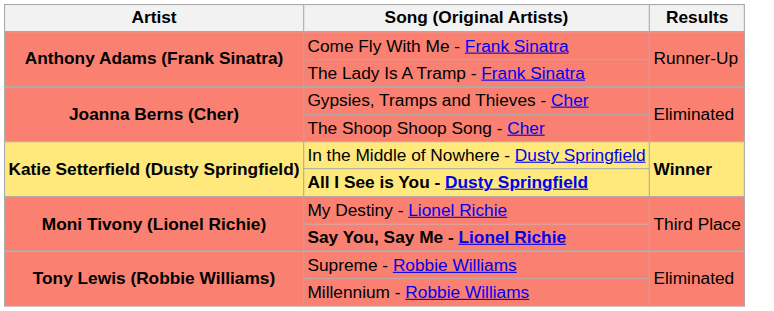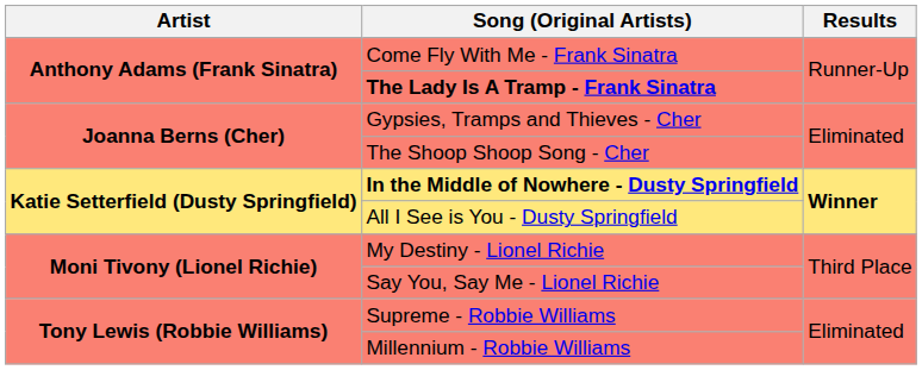 <table class="wikitable">
 <tr>
 <th>Artist</th>
 <th>Song (Original Artists)</th>
 <th>Results</th>
 </tr>
 <tr>
 <th style="background:#FA8072" rowspan=2>Anthony Adams<span> (Frank Sinatra)</span></th>
 <td bgcolor="#FA8072">Come Fly With Me - <a href='#'>Frank Sinatra</a></td>
 <td bgcolor="#FA8072" rowspan=2>Runner-Up</td>
 </tr>
 <tr>
-<td bgcolor="#FA8072">The Lady Is A Tramp - <a href='#'>Frank Sinatra</a></td>
+<td bgcolor="#FA8072"><strong>The Lady Is A Tramp - <a href='#'>Frank Sinatra</a></strong></td>
 </tr>
 <tr>
 <th style="background:#FA8072" rowspan=2>Joanna Berns<span> (Cher)</span></th>
 <td bgcolor="#FA8072">Gypsies, Tramps and Thieves - <a href='#'>Cher</a></td>
 <td bgcolor="#FA8072" rowspan=2>Eliminated</td>
 </tr>
 <tr>
 <td bgcolor="#FA8072">The Shoop Shoop Song - <a href='#'>Cher</a></td>
 </tr>
 <tr>
 <th style="background:#FFE87C" rowspan=2>Katie Setterfield<span> (Dusty Springfield)</span></th>
-<td bgcolor="#FFE87C">In the Middle of Nowhere - <a href='#'>Dusty Springfield</a></td>
+<td bgcolor="#FFE87C"><strong>In the Middle of Nowhere - <a href='#'>Dusty Springfield</a></strong></td>
 <td bgcolor="#FFE87C" rowspan=2><strong>Winner</strong></td>
 </tr>
 <tr>
-<td bgcolor="#FFE87C"><strong>All I See is You - <a href='#'>Dusty Springfield</a></strong></td>
+<td bgcolor="#FFE87C">All I See is You - <a href='#'>Dusty Springfield</a></td>
 </tr>
 <tr>
 <th style="background:#FA8072" rowspan=2>Moni Tivony<span> (Lionel Richie)</span></th>
 <td bgcolor="#FA8072">My Destiny - <a href='#'>Lionel Richie</a></td>
 <td bgcolor="#FA8072" rowspan=2>Third Place</td>
 </tr>
 <tr>
-<td bgcolor="#FA8072"><strong>Say You, Say Me - <a href='#'>Lionel Richie</a></strong></td>
+<td bgcolor="#FA8072">Say You, Say Me - <a href='#'>Lionel Richie</a></td>
 </tr>
 <tr>
 <th style="background:#FA8072" rowspan=2>Tony Lewis<span> (Robbie Williams)</span></th>
 <td bgcolor="#FA8072">Supreme - <a href='#'>Robbie Williams</a></td>
 <td bgcolor="#FA8072" rowspan=2>Eliminated</td>
 </tr>
 <tr>
 <td bgcolor="#FA8072">Millennium - <a href='#'>Robbie Williams</a></td>
 </tr>
 </table>
